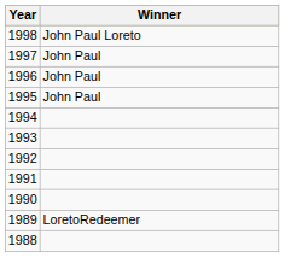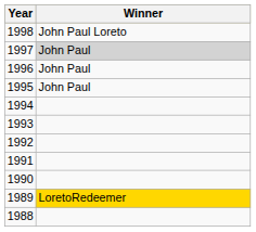 <table class="wikitable">
 <tr bgcolor=#bdb76b>
 <th style="width:2em;">Year</th>
 <th style="width:18em;">Winner</th>
 </tr>
 <tr>
 <td>1998</td>
 <td>John Paul Loreto</td>
 </tr>
 <tr>
 <td>1997</td>
-<td>John Paul</td>
+<td style="background: lightgrey;">John Paul</td>
 </tr>
 <tr>
 <td>1996</td>
 <td>John Paul</td>
 </tr>
 <tr>
 <td>1995</td>
 <td>John Paul</td>
 </tr>
 <tr>
 <td>1994</td>
 <td></td>
 </tr>
 <tr>
 <td>1993</td>
 <td></td>
 </tr>
 <tr>
 <td>1992</td>
 <td></td>
 </tr>
 <tr>
 <td>1991</td>
 <td></td>
 </tr>
 <tr>
 <td>1990</td>
 <td></td>
 </tr>
 <tr>
 <td>1989</td>
-<td>LoretoRedeemer</td>
+<td style="background: gold;">LoretoRedeemer</td>
 </tr>
 <tr>
 <td>1988</td>
 <td></td>
 </tr>
 </table>
